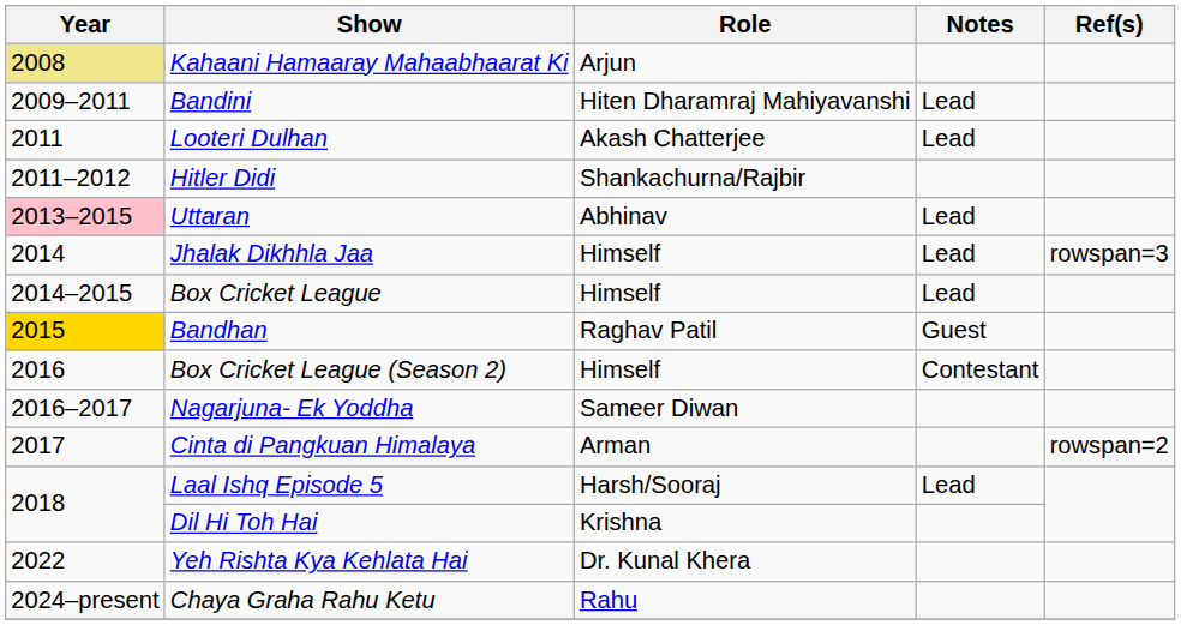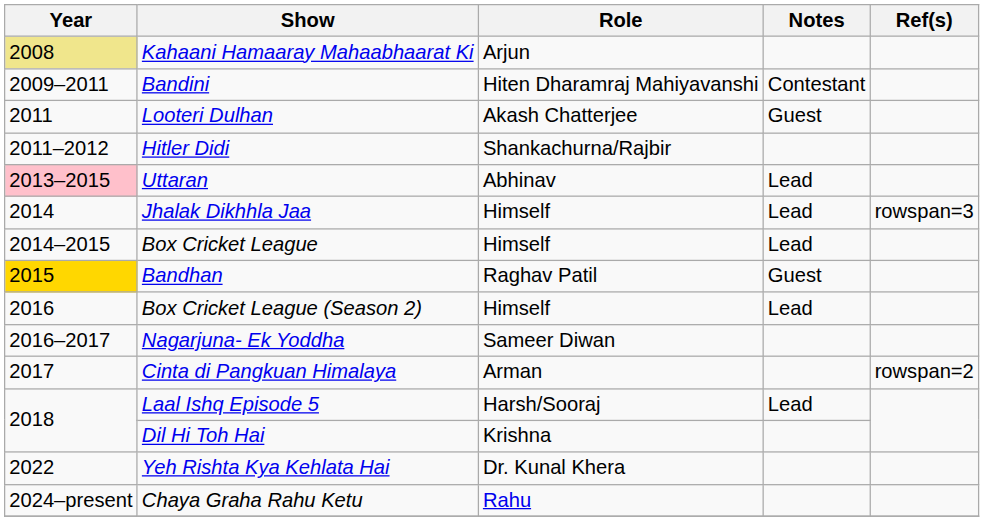 <table class="wikitable">
 <tr>
 <th>Year</th>
 <th>Show</th>
 <th>Role</th>
 <th>Notes</th>
 <th>Ref(s)</th>
 </tr>
 <tr>
 <td style="background: khaki;">2008</td>
 <td><em><a href='#'>Kahaani Hamaaray Mahaabhaarat Ki</a></em></td>
 <td>Arjun</td>
 <td></td>
 <td></td>
 </tr>
 <tr>
 <td>2009–2011</td>
 <td><em><a href='#'>Bandini</a></em></td>
 <td>Hiten Dharamraj Mahiyavanshi</td>
-<td>Lead</td>
+<td>Contestant</td>
 <td></td>
 </tr>
 <tr>
 <td>2011</td>
 <td><em><a href='#'>Looteri Dulhan</a></em></td>
 <td>Akash Chatterjee</td>
-<td>Lead</td>
+<td>Guest</td>
 <td></td>
 </tr>
 <tr>
 <td>2011–2012</td>
 <td><em><a href='#'>Hitler Didi</a></em></td>
 <td>Shankachurna/Rajbir</td>
 <td></td>
 <td></td>
 </tr>
 <tr>
 <td style="background: pink;">2013–2015</td>
 <td><em><a href='#'>Uttaran</a></em></td>
 <td>Abhinav</td>
 <td>Lead</td>
 <td></td>
 </tr>
 <tr>
 <td>2014</td>
 <td><em><a href='#'>Jhalak Dikhhla Jaa</a></em></td>
 <td>Himself</td>
 <td>Lead</td>
 <td>rowspan=3 </td>
 </tr>
 <tr>
 <td>2014–2015</td>
 <td><em>Box Cricket League</em></td>
 <td>Himself</td>
 <td>Lead</td>
 </tr>
 <tr>
 <td style="background: gold;">2015</td>
 <td><em><a href='#'>Bandhan</a></em></td>
 <td>Raghav Patil</td>
 <td>Guest</td>
 <td></td>
 </tr>
 <tr>
 <td>2016</td>
 <td><em>Box Cricket League (Season 2)</em></td>
 <td>Himself</td>
-<td>Contestant</td>
+<td>Lead</td>
 <td></td>
 </tr>
 <tr>
 <td>2016–2017</td>
 <td><em><a href='#'>Nagarjuna- Ek Yoddha</a></em></td>
 <td>Sameer Diwan</td>
 <td></td>
 <td></td>
 </tr>
 <tr>
 <td>2017</td>
 <td><em><a href='#'>Cinta di Pangkuan Himalaya</a></em></td>
 <td>Arman</td>
 <td></td>
 <td>rowspan=2 </td>
 </tr>
 <tr>
 <td rowspan="2">2018</td>
 <td><em><a href='#'>Laal Ishq Episode 5</a></em></td>
 <td>Harsh/Sooraj</td>
 <td>Lead</td>
 </tr>
 <tr>
 <td><em><a href='#'>Dil Hi Toh Hai</a></em></td>
 <td>Krishna</td>
 <td></td>
 </tr>
 <tr>
 <td>2022</td>
 <td><em><a href='#'>Yeh Rishta Kya Kehlata Hai</a></em></td>
 <td>Dr. Kunal Khera</td>
 <td></td>
 <td></td>
 </tr>
 <tr>
 <td>2024–present</td>
 <td><em>Chaya Graha Rahu Ketu</em></td>
 <td><a href='#'>Rahu</a></td>
 <td></td>
 <td></td>
 </tr>
 <tr>
 </tr>
 </table>
